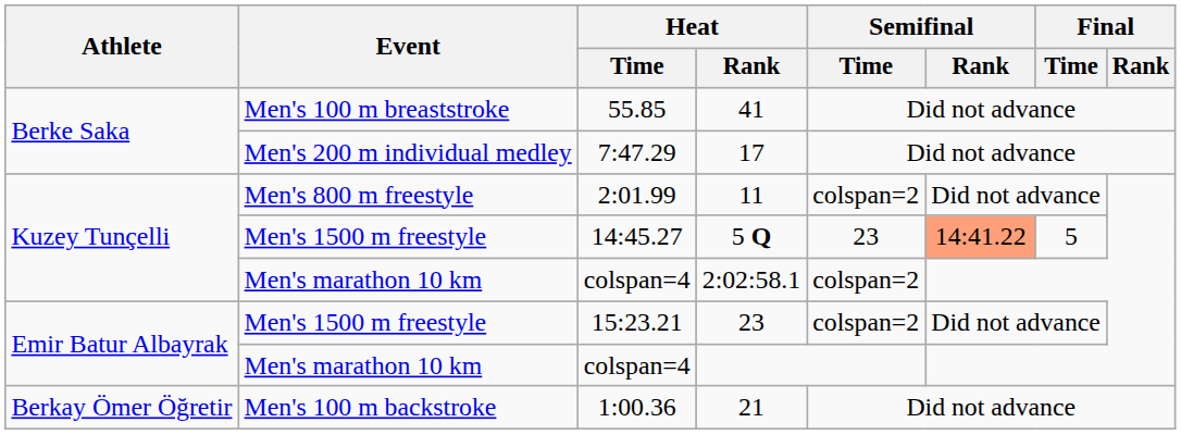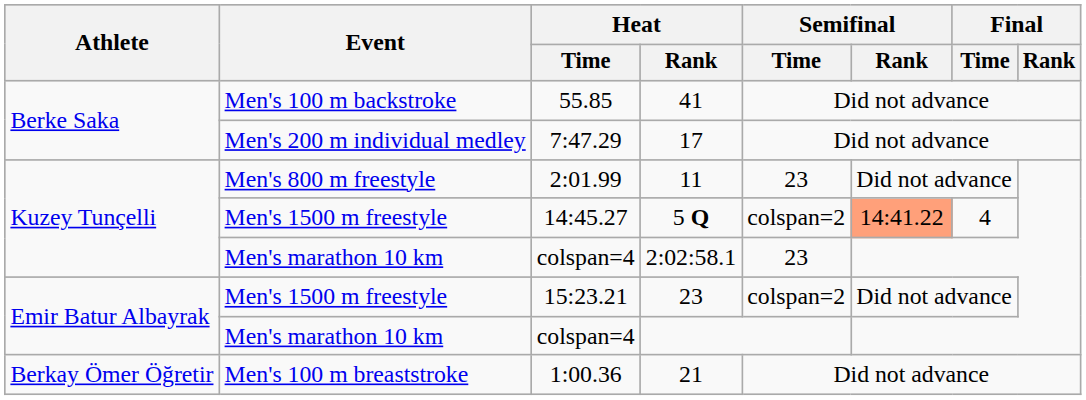 <table class=wikitable style="font-size:90%;">
 <tr>
 <th rowspan=2>Athlete</th>
 <th rowspan=2>Event</th>
 <th colspan=2>Heat</th>
 <th colspan=2>Semifinal</th>
 <th colspan=2>Final</th>
 </tr>
 <tr style="font-size:95%">
 <th>Time</th>
 <th>Rank</th>
 <th>Time</th>
 <th>Rank</th>
 <th>Time</th>
 <th>Rank</th>
 </tr>
 <tr align=center>
 <td align=left rowspan=2><a href='#'>Berke Saka</a></td>
-<td align=left><a href='#'>Men's 100 m breaststroke</a></td>
+<td align=left><a href='#'>Men's 100 m backstroke</a></td>
 <td>55.85</td>
 <td>41</td>
 <td colspan=4>Did not advance</td>
 </tr>
 <tr align=center>
 <td align=left><a href='#'>Men's 200 m individual medley</a></td>
 <td>7:47.29</td>
 <td>17</td>
 <td colspan=4>Did not advance</td>
 </tr>
 <tr align=center>
 <td align=left rowspan=3><a href='#'>Kuzey Tunçelli</a></td>
 <td align=left><a href='#'>Men's 800 m freestyle</a></td>
 <td>2:01.99</td>
 <td>11</td>
-<td>colspan=2 </td>
+<td>23</td>
 <td colspan=2>Did not advance</td>
 </tr>
 <tr align=center>
 <td align=left><a href='#'>Men's 1500 m freestyle</a></td>
 <td>14:45.27</td>
 <td>5 <strong>Q</strong></td>
-<td>23</td>
+<td>colspan=2 </td>
 <td style="background: lightsalmon;">14:41.22</td>
-<td>5</td>
+<td>4</td>
 </tr>
 <tr align=center>
 <td align=left><a href='#'>Men's marathon 10 km</a></td>
 <td>colspan=4 </td>
 <td>2:02:58.1</td>
-<td>colspan=2 </td>
+<td>23</td>
 </tr>
 <tr align=center>
 <td align=left rowspan=2><a href='#'>Emir Batur Albayrak</a></td>
 <td align=left><a href='#'>Men's 1500 m freestyle</a></td>
 <td>15:23.21</td>
 <td>23</td>
 <td>colspan=2 </td>
 <td colspan=2>Did not advance</td>
 </tr>
 <tr align=center>
 <td align=left><a href='#'>Men's marathon 10 km</a></td>
 <td>colspan=4 </td>
 <td colspan=2></td>
 </tr>
 <tr align=center>
 <td align=left><a href='#'>Berkay Ömer Öğretir</a></td>
-<td align=left><a href='#'>Men's 100 m backstroke</a></td>
+<td align=left><a href='#'>Men's 100 m breaststroke</a></td>
 <td>1:00.36</td>
 <td>21</td>
 <td colspan=4>Did not advance</td>
 </tr>
 </table>
